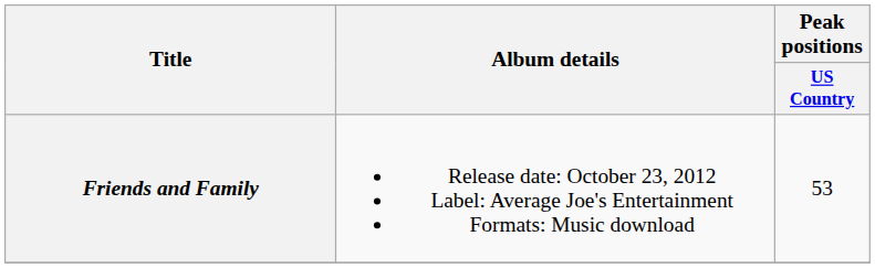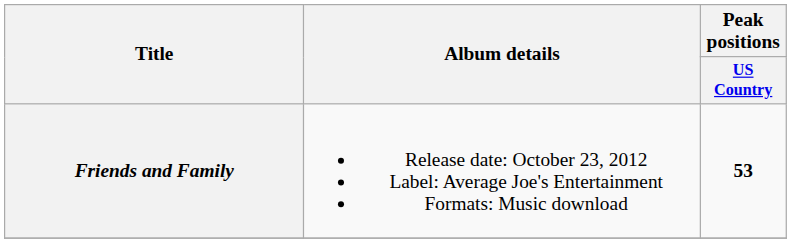 <table class="wikitable plainrowheaders" style="text-align:center;">
 <tr>
 <th rowspan="2" style="width:15em;">Title</th>
 <th rowspan="2" style="width:20em;">Album details</th>
 <th>Peak positions</th>
 </tr>
 <tr style="font-size:smaller;">
 <th width="65"><a href='#'>US Country</a><br></th>
 </tr>
 <tr>
 <th scope="row"><em>Friends and Family</em></th>
 <td><br><ul><li>Release date: October 23, 2012</li><li>Label: Average Joe's Entertainment</li><li>Formats: Music download</li></ul></td>
-<td>53</td>
+<td><strong>53</strong></td>
 </tr>
 <tr>
 </tr>
 </table>
